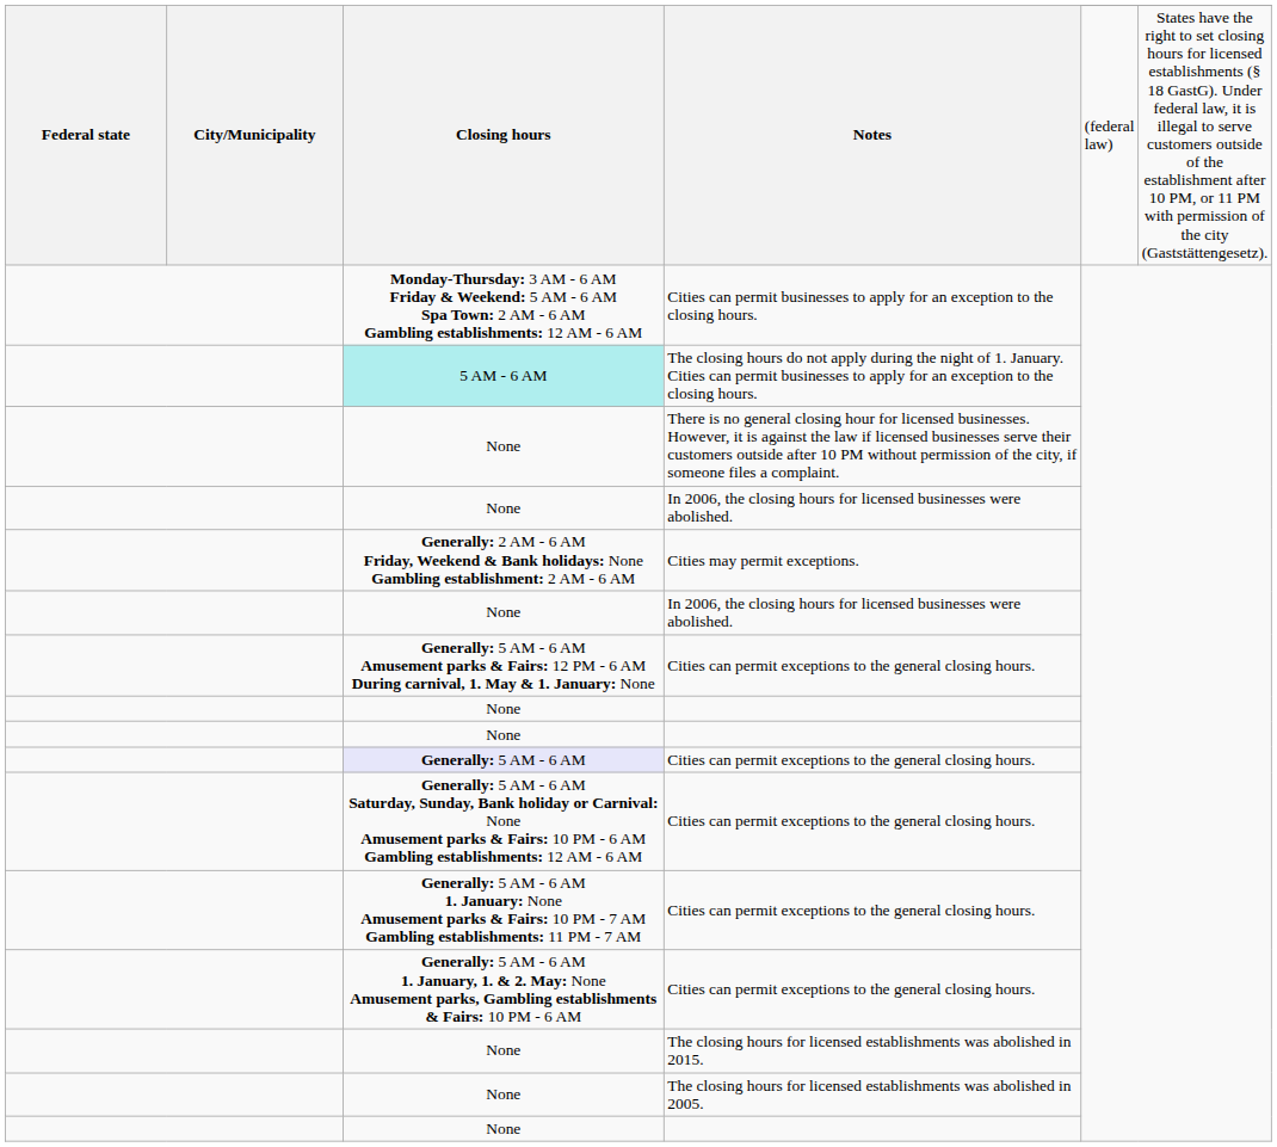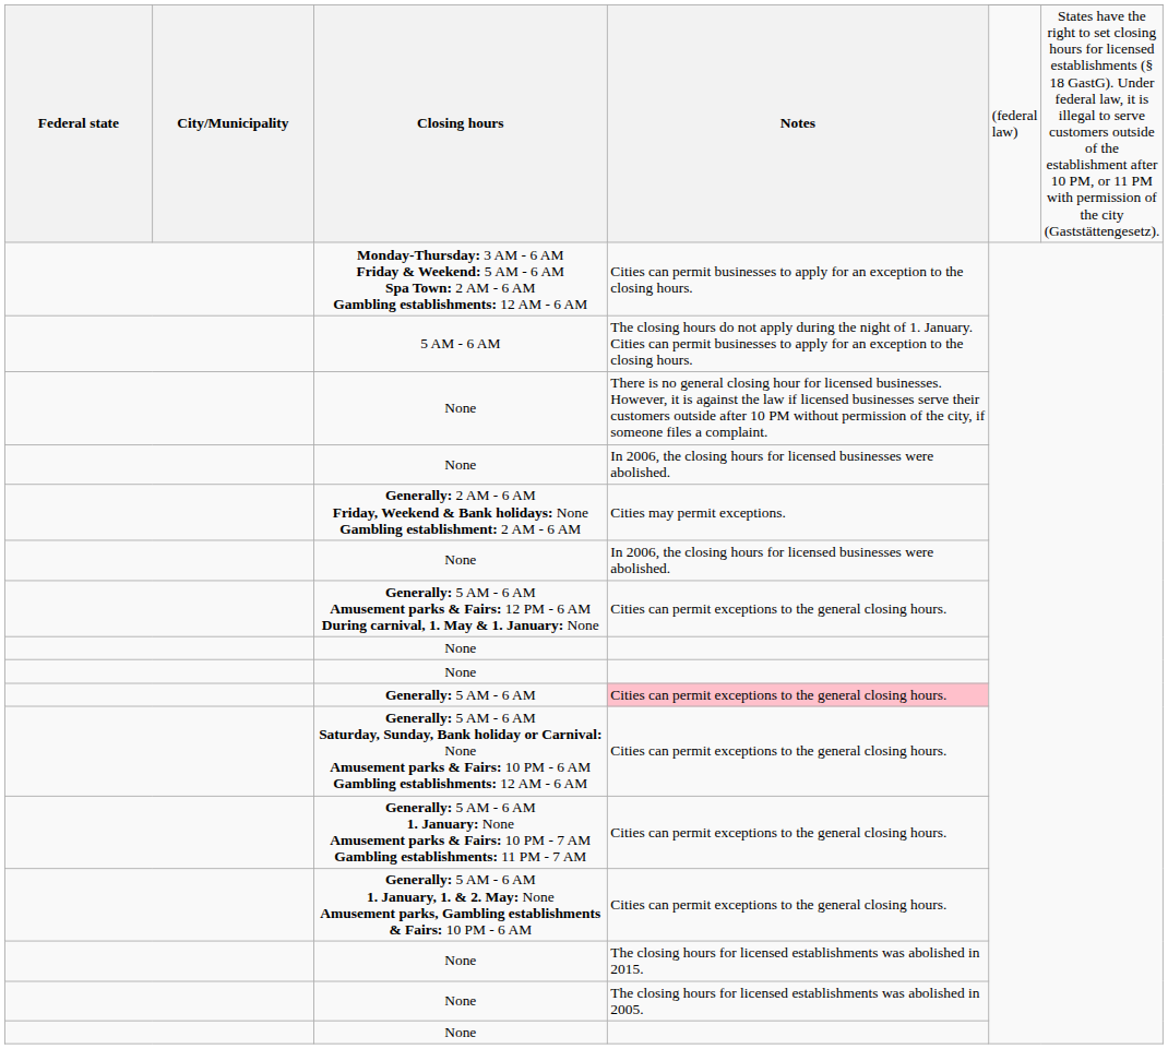 <table class="wikitable sortable" style="width:100%;">
 <tr>
 <th rowspan=2 style="width:15%;">Federal state</th>
 <th rowspan=2 style="width:15%;">City/Municipality</th>
 <th rowspan=2 style="width:30%;">Closing hours</th>
 <th rowspan=2 style="width:40%;">Notes</th>
 </tr>
 <tr>
 <td colspan=2> (federal law)</td>
 <td colspan=2 style="text-align:center;">States have the right to set closing hours for licensed establishments (§ 18 GastG). Under federal law, it is illegal to serve customers outside of the establishment after 10 PM, or 11 PM with permission of the city (Gaststättengesetz).</td>
 </tr>
 <tr>
 <td colspan=2></td>
 <td style="text-align:center;"><strong>Monday-Thursday:</strong> 3 AM - 6 AM<br><strong>Friday & Weekend:</strong> 5 AM - 6 AM<br><strong>Spa Town:</strong> 2 AM - 6 AM<br><strong>Gambling establishments:</strong> 12 AM - 6 AM</td>
 <td>Cities can permit businesses to apply for an exception to the closing hours.</td>
 </tr>
 <tr>
 <td colspan=2></td>
-<td style="background: paleturquoise; text-align:center;">5 AM - 6 AM</td>
+<td style="text-align:center;">5 AM - 6 AM</td>
 <td>The closing hours do not apply during the night of 1. January. Cities can permit businesses to apply for an exception to the closing hours.</td>
 </tr>
 <tr>
 <td colspan=2></td>
 <td style="text-align:center;">None</td>
 <td>There is no general closing hour for licensed businesses. However, it is against the law if licensed businesses serve their customers outside after 10 PM without permission of the city, if someone files a complaint.</td>
 </tr>
 <tr>
 <td colspan=2></td>
 <td style="text-align:center;">None</td>
 <td>In 2006, the closing hours for licensed businesses were abolished.</td>
 </tr>
 <tr>
 <td colspan=2></td>
 <td style="text-align:center;"><strong>Generally:</strong> 2 AM - 6 AM<br><strong>Friday, Weekend & Bank holidays:</strong> None<br><strong>Gambling establishment:</strong> 2 AM - 6 AM</td>
 <td>Cities may permit exceptions.</td>
 </tr>
 <tr>
 <td colspan=2></td>
 <td style="text-align:center;">None</td>
 <td>In 2006, the closing hours for licensed businesses were abolished.</td>
 </tr>
 <tr>
 <td colspan=2></td>
 <td style="text-align:center;"><strong>Generally:</strong> 5 AM - 6 AM<br><strong>Amusement parks & Fairs:</strong> 12 PM - 6 AM<br><strong>During carnival, 1. May & 1. January:</strong> None</td>
 <td>Cities can permit exceptions to the general closing hours.</td>
 </tr>
 <tr>
 <td colspan=2></td>
 <td style="text-align:center;">None</td>
 <td></td>
 </tr>
 <tr>
 <td colspan=2></td>
 <td style="text-align:center;">None</td>
 <td></td>
 </tr>
 <tr>
 <td colspan=2></td>
-<td style="background: lavender; text-align:center;"><strong>Generally:</strong> 5 AM - 6 AM<br></td>
-<td>Cities can permit exceptions to the general closing hours.</td>
+<td style="text-align:center;"><strong>Generally:</strong> 5 AM - 6 AM<br></td>
+<td style="background: pink;">Cities can permit exceptions to the general closing hours.</td>
 </tr>
 <tr>
 <td colspan=2></td>
 <td style="text-align:center;"><strong>Generally:</strong> 5 AM - 6 AM<br><strong>Saturday, Sunday, Bank holiday or Carnival:</strong> None<br><strong>Amusement parks & Fairs:</strong> 10 PM - 6 AM<br><strong>Gambling establishments:</strong> 12 AM - 6 AM</td>
 <td>Cities can permit exceptions to the general closing hours.</td>
 </tr>
 <tr>
 <td colspan=2></td>
 <td style="text-align:center;"><strong>Generally:</strong> 5 AM - 6 AM<br><strong>1. January:</strong> None<br><strong>Amusement parks & Fairs:</strong> 10 PM - 7 AM<br><strong>Gambling establishments:</strong> 11 PM - 7 AM</td>
 <td>Cities can permit exceptions to the general closing hours.</td>
 </tr>
 <tr>
 <td colspan=2></td>
 <td style="text-align:center;"><strong>Generally:</strong> 5 AM - 6 AM<br><strong>1. January, 1. & 2. May:</strong> None<br><strong>Amusement parks, Gambling establishments & Fairs:</strong> 10 PM - 6 AM</td>
 <td>Cities can permit exceptions to the general closing hours.</td>
 </tr>
 <tr>
 <td colspan=2></td>
 <td style="text-align:center;">None</td>
 <td>The closing hours for licensed establishments was abolished in 2015.</td>
 </tr>
 <tr>
 <td colspan=2></td>
 <td style="text-align:center;">None</td>
 <td>The closing hours for licensed establishments was abolished in 2005.</td>
 </tr>
 <tr>
 <td colspan=2></td>
 <td style="text-align:center;">None</td>
 <td></td>
 </tr>
 </table>
